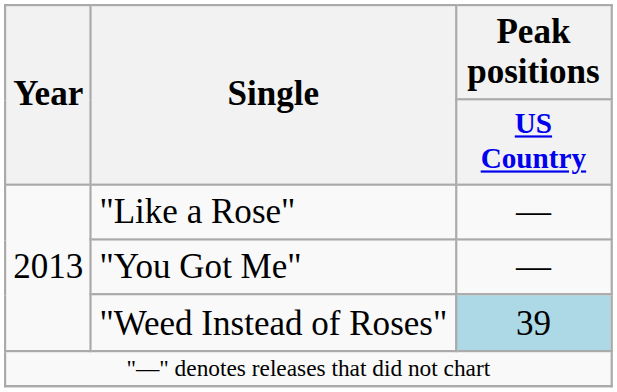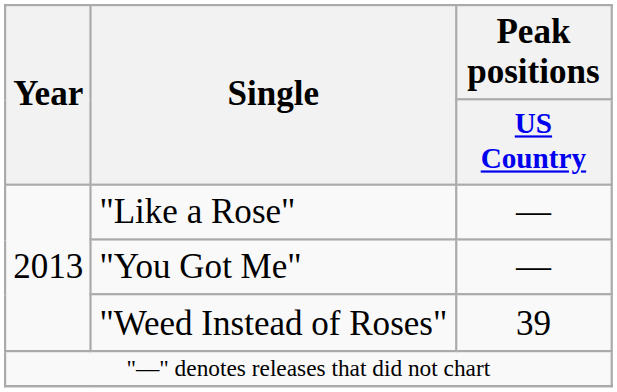 <table class="wikitable" style="text-align:center;">
 <tr>
 <th rowspan="2">Year</th>
 <th rowspan="2">Single</th>
 <th>Peak positions</th>
 </tr>
 <tr style="font-size:smaller;">
 <th width="65"><a href='#'>US Country</a></th>
 </tr>
 <tr>
 <td rowspan="3">2013</td>
 <td align="left">"Like a Rose"</td>
 <td>—</td>
 </tr>
 <tr>
 <td align="left">"You Got Me"</td>
 <td>—</td>
 </tr>
 <tr>
 <td align="left">"Weed Instead of Roses"</td>
-<td style="background: lightblue;">39</td>
+<td>39</td>
 </tr>
 <tr>
 <td colspan="3" style="font-size:8pt">"—" denotes releases that did not chart</td>
 </tr>
 <tr>
 </tr>
 </table>
